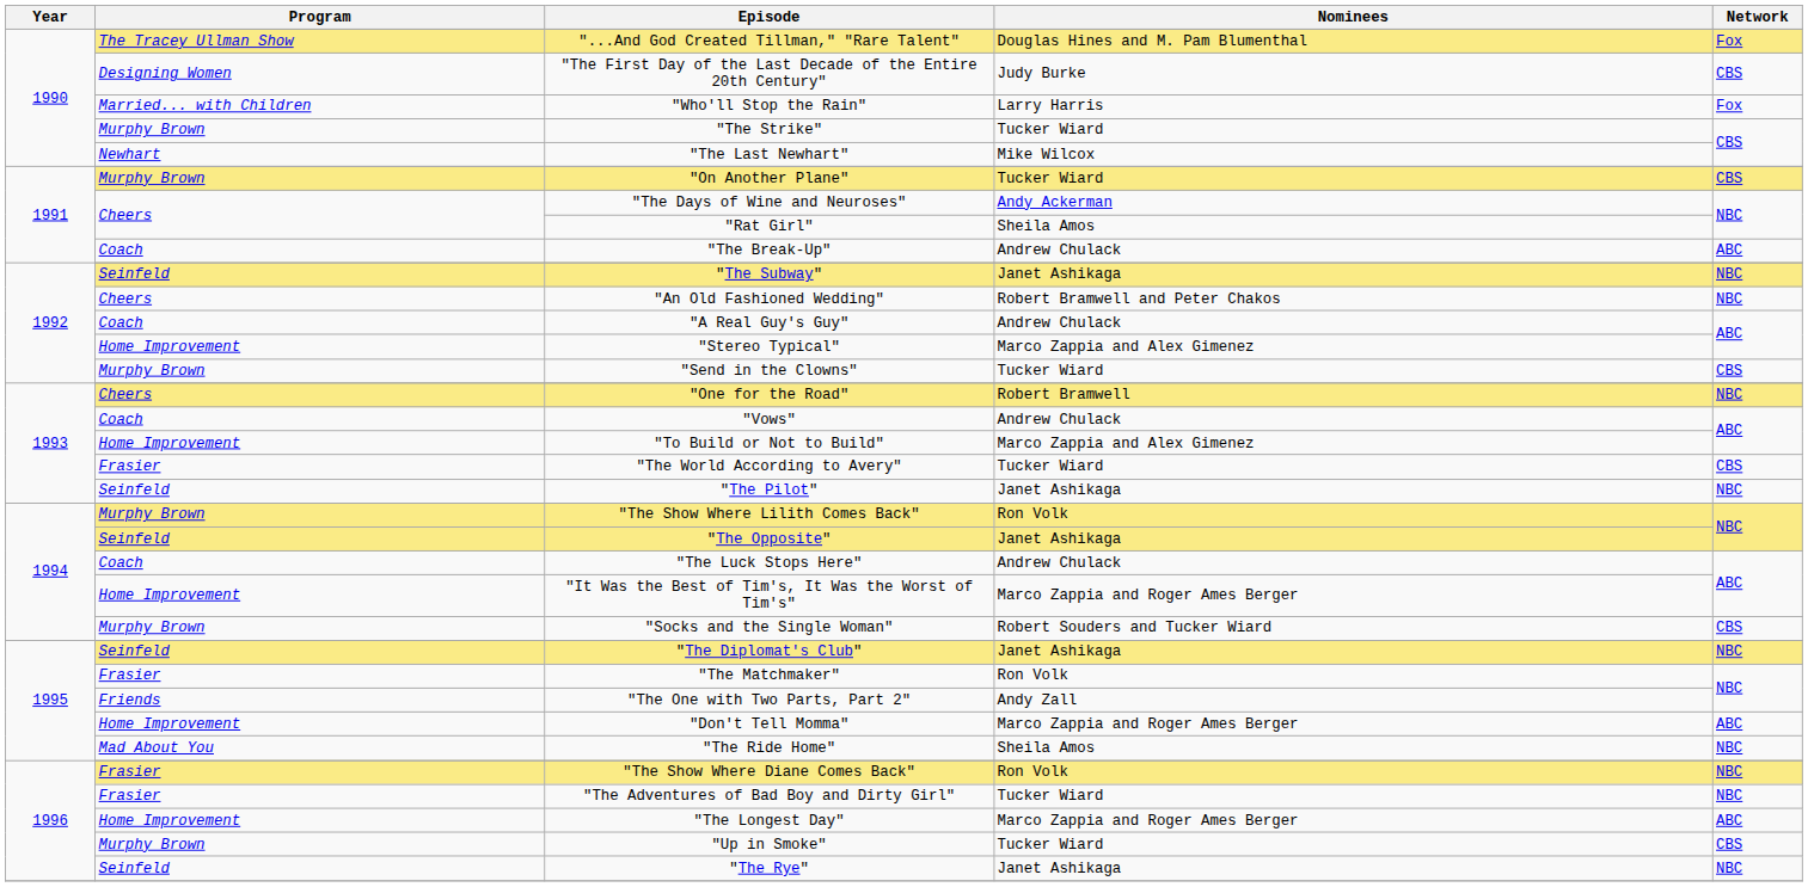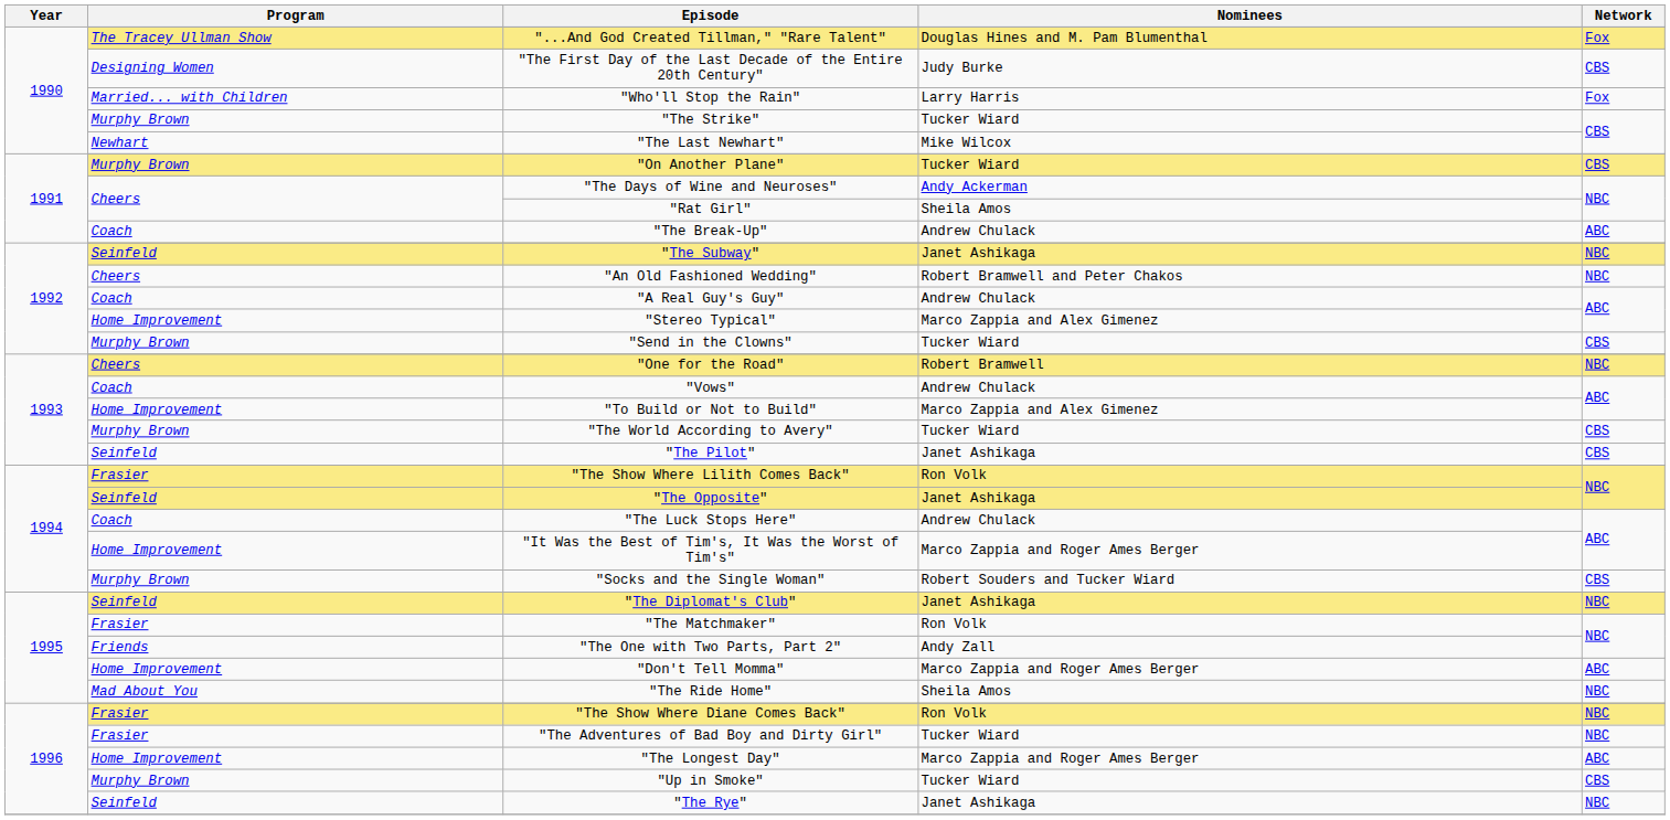 <table class="wikitable" style="width:100%">
 <tr style="background:#bebebe;">
 <th style="width:5%;">Year</th>
 <th style="width:25%;">Program</th>
 <th style="width:25%;">Episode</th>
 <th style="width:40%;">Nominees</th>
 <th style="width:5%;">Network</th>
 </tr>
 <tr>
 <td rowspan=6 style="text-align:center;"><a href='#'>1990</a><br></td>
 </tr>
 <tr style="background:#FAEB86;">
 <td><em><a href='#'>The Tracey Ullman Show</a></em></td>
 <td align=center>"...And God Created Tillman," "Rare Talent"</td>
 <td>Douglas Hines and M. Pam Blumenthal</td>
 <td><a href='#'>Fox</a></td>
 </tr>
 <tr>
 <td><em><a href='#'>Designing Women</a></em></td>
 <td align=center>"The First Day of the Last Decade of the Entire 20th Century"</td>
 <td>Judy Burke</td>
 <td><a href='#'>CBS</a></td>
 </tr>
 <tr>
 <td><em><a href='#'>Married... with Children</a></em></td>
 <td align=center>"Who'll Stop the Rain"</td>
 <td>Larry Harris</td>
 <td><a href='#'>Fox</a></td>
 </tr>
 <tr>
 <td><em><a href='#'>Murphy Brown</a></em></td>
 <td align=center>"The Strike"</td>
 <td>Tucker Wiard</td>
 <td rowspan=2><a href='#'>CBS</a></td>
 </tr>
 <tr>
 <td><em><a href='#'>Newhart</a></em></td>
 <td align=center>"The Last Newhart"</td>
 <td>Mike Wilcox</td>
 </tr>
 <tr>
 <td rowspan=5 style="text-align:center;"><a href='#'>1991</a><br></td>
 </tr>
 <tr style="background:#FAEB86;">
 <td><em><a href='#'>Murphy Brown</a></em></td>
 <td align=center>"On Another Plane"</td>
 <td>Tucker Wiard</td>
 <td><a href='#'>CBS</a></td>
 </tr>
 <tr>
 <td rowspan=2><em><a href='#'>Cheers</a></em></td>
 <td align=center>"The Days of Wine and Neuroses"</td>
 <td><a href='#'>Andy Ackerman</a></td>
 <td rowspan=2><a href='#'>NBC</a></td>
 </tr>
 <tr>
 <td align=center>"Rat Girl"</td>
 <td>Sheila Amos</td>
 </tr>
 <tr>
 <td><em><a href='#'>Coach</a></em></td>
 <td align=center>"The Break-Up"</td>
 <td>Andrew Chulack</td>
 <td><a href='#'>ABC</a></td>
 </tr>
 <tr>
 <td rowspan=6 style="text-align:center;"><a href='#'>1992</a><br></td>
 </tr>
 <tr style="background:#FAEB86;">
 <td><em><a href='#'>Seinfeld</a></em></td>
 <td align=center>"<a href='#'>The Subway</a>"</td>
 <td>Janet Ashikaga</td>
 <td><a href='#'>NBC</a></td>
 </tr>
 <tr>
 <td><em><a href='#'>Cheers</a></em></td>
 <td align=center>"An Old Fashioned Wedding"</td>
 <td>Robert Bramwell and Peter Chakos</td>
 <td><a href='#'>NBC</a></td>
 </tr>
 <tr>
 <td><em><a href='#'>Coach</a></em></td>
 <td align=center>"A Real Guy's Guy"</td>
 <td>Andrew Chulack</td>
 <td rowspan=2><a href='#'>ABC</a></td>
 </tr>
 <tr>
 <td><em><a href='#'>Home Improvement</a></em></td>
 <td align=center>"Stereo Typical"</td>
 <td>Marco Zappia and Alex Gimenez</td>
 </tr>
 <tr>
 <td><em><a href='#'>Murphy Brown</a></em></td>
 <td align=center>"Send in the Clowns"</td>
 <td>Tucker Wiard</td>
 <td><a href='#'>CBS</a></td>
 </tr>
 <tr>
 <td rowspan=6 style="text-align:center;"><a href='#'>1993</a><br></td>
 </tr>
 <tr style="background:#FAEB86;">
 <td><em><a href='#'>Cheers</a></em></td>
 <td align=center>"One for the Road"</td>
 <td>Robert Bramwell</td>
 <td><a href='#'>NBC</a></td>
 </tr>
 <tr>
 <td><em><a href='#'>Coach</a></em></td>
 <td align=center>"Vows"</td>
 <td>Andrew Chulack</td>
 <td rowspan=2><a href='#'>ABC</a></td>
 </tr>
 <tr>
 <td><em><a href='#'>Home Improvement</a></em></td>
 <td align=center>"To Build or Not to Build"</td>
 <td>Marco Zappia and Alex Gimenez</td>
 </tr>
 <tr>
-<td><em><a href='#'>Frasier</a></em></td>
+<td><em><a href='#'>Murphy Brown</a></em></td>
 <td align=center>"The World According to Avery"</td>
 <td>Tucker Wiard</td>
 <td><a href='#'>CBS</a></td>
 </tr>
 <tr>
 <td><em><a href='#'>Seinfeld</a></em></td>
 <td align=center>"<a href='#'>The Pilot</a>"</td>
 <td>Janet Ashikaga</td>
-<td><a href='#'>NBC</a></td>
+<td><a href='#'>CBS</a></td>
 </tr>
 <tr>
 <td rowspan=6 style="text-align:center;"><a href='#'>1994</a><br></td>
 </tr>
 <tr style="background:#FAEB86;">
-<td><em><a href='#'>Murphy Brown</a></em></td>
+<td><em><a href='#'>Frasier</a></em></td>
 <td align=center>"The Show Where Lilith Comes Back"</td>
 <td>Ron Volk</td>
 <td rowspan=2><a href='#'>NBC</a></td>
 </tr>
 <tr style="background:#FAEB86;">
 <td><em><a href='#'>Seinfeld</a></em></td>
 <td align=center>"<a href='#'>The Opposite</a>"</td>
 <td>Janet Ashikaga</td>
 </tr>
 <tr>
 <td><em><a href='#'>Coach</a></em></td>
 <td align=center>"The Luck Stops Here"</td>
 <td>Andrew Chulack</td>
 <td rowspan=2><a href='#'>ABC</a></td>
 </tr>
 <tr>
 <td><em><a href='#'>Home Improvement</a></em></td>
 <td align=center>"It Was the Best of Tim's, It Was the Worst of Tim's"</td>
 <td>Marco Zappia and Roger Ames Berger</td>
 </tr>
 <tr>
 <td><em><a href='#'>Murphy Brown</a></em></td>
 <td align=center>"Socks and the Single Woman"</td>
 <td>Robert Souders and Tucker Wiard</td>
 <td><a href='#'>CBS</a></td>
 </tr>
 <tr>
 <td rowspan=6 style="text-align:center;"><a href='#'>1995</a><br></td>
 </tr>
 <tr style="background:#FAEB86;">
 <td><em><a href='#'>Seinfeld</a></em></td>
 <td align=center>"<a href='#'>The Diplomat's Club</a>"</td>
 <td>Janet Ashikaga</td>
 <td><a href='#'>NBC</a></td>
 </tr>
 <tr>
 <td><em><a href='#'>Frasier</a></em></td>
 <td align=center>"The Matchmaker"</td>
 <td>Ron Volk</td>
 <td rowspan=2><a href='#'>NBC</a></td>
 </tr>
 <tr>
 <td><em><a href='#'>Friends</a></em></td>
 <td align=center>"The One with Two Parts, Part 2"</td>
 <td>Andy Zall</td>
 </tr>
 <tr>
 <td><em><a href='#'>Home Improvement</a></em></td>
 <td align=center>"Don't Tell Momma"</td>
 <td>Marco Zappia and Roger Ames Berger</td>
 <td><a href='#'>ABC</a></td>
 </tr>
 <tr>
 <td><em><a href='#'>Mad About You</a></em></td>
 <td align=center>"The Ride Home"</td>
 <td>Sheila Amos</td>
 <td><a href='#'>NBC</a></td>
 </tr>
 <tr>
 <td rowspan=6 style="text-align:center;"><a href='#'>1996</a><br></td>
 </tr>
 <tr style="background:#FAEB86;">
 <td><em><a href='#'>Frasier</a></em></td>
 <td align=center>"The Show Where Diane Comes Back"</td>
 <td>Ron Volk</td>
 <td><a href='#'>NBC</a></td>
 </tr>
 <tr>
 <td><em><a href='#'>Frasier</a></em></td>
 <td align=center>"The Adventures of Bad Boy and Dirty Girl"</td>
 <td>Tucker Wiard</td>
 <td><a href='#'>NBC</a></td>
 </tr>
 <tr>
 <td><em><a href='#'>Home Improvement</a></em></td>
 <td align=center>"The Longest Day"</td>
 <td>Marco Zappia and Roger Ames Berger</td>
 <td><a href='#'>ABC</a></td>
 </tr>
 <tr>
 <td><em><a href='#'>Murphy Brown</a></em></td>
 <td align=center>"Up in Smoke"</td>
 <td>Tucker Wiard</td>
 <td><a href='#'>CBS</a></td>
 </tr>
 <tr>
 <td><em><a href='#'>Seinfeld</a></em></td>
 <td align=center>"<a href='#'>The Rye</a>"</td>
 <td>Janet Ashikaga</td>
 <td><a href='#'>NBC</a></td>
 </tr>
 <tr>
 </tr>
 </table>
